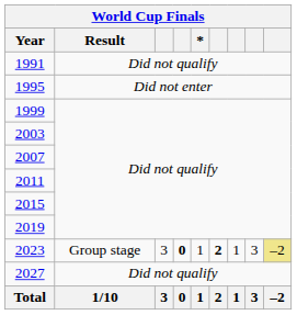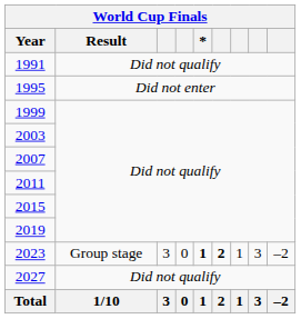 <table class="wikitable" style="text-align: center; width:50%;">
 <tr>
 <th colspan=10><a href='#'>World Cup Finals</a></th>
 </tr>
 <tr>
 <th>Year</th>
 <th>Result</th>
 <th></th>
 <th></th>
 <th>*</th>
 <th></th>
 <th></th>
 <th></th>
 <th></th>
 </tr>
 <tr>
 <td> <a href='#'>1991</a></td>
 <td colspan=8><em>Did not qualify</em></td>
 </tr>
 <tr>
 <td> <a href='#'>1995</a></td>
 <td colspan=8><em>Did not enter</em></td>
 </tr>
 <tr>
 <td> <a href='#'>1999</a></td>
 <td colspan=8 rowspan=6><em>Did not qualify</em></td>
 </tr>
 <tr>
 <td> <a href='#'>2003</a></td>
 </tr>
 <tr>
 <td> <a href='#'>2007</a></td>
 </tr>
 <tr>
 <td> <a href='#'>2011</a></td>
 </tr>
 <tr>
 <td> <a href='#'>2015</a></td>
 </tr>
 <tr>
 <td> <a href='#'>2019</a></td>
 </tr>
 <tr>
 <td>  <a href='#'>2023</a></td>
 <td>Group stage</td>
 <td>3</td>
-<td><strong>0</strong></td>
-<td>1</td>
+<td>0</td>
+<td><strong>1</strong></td>
 <td><strong>2</strong></td>
 <td>1</td>
 <td>3</td>
-<td style="background: khaki;">–2</td>
+<td>–2</td>
 </tr>
 <tr>
 <td> <a href='#'>2027</a></td>
 <td colspan=8><em>Did not qualify</em></td>
 </tr>
 <tr>
 <th>Total</th>
 <th>1/10</th>
 <th>3</th>
 <th>0</th>
 <th>1</th>
 <th>2</th>
 <th>1</th>
 <th>3</th>
 <th>–2</th>
 </tr>
 </table>
